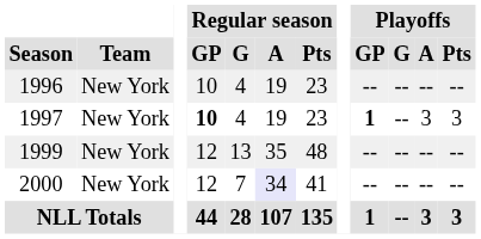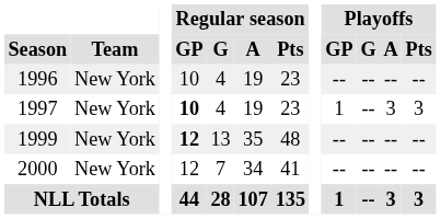 <table BORDER="0" CELLPADDING="3" CELLSPACING="0">
 <tr ALIGN="center" bgcolor="#e0e0e0">
 <th colspan="2" bgcolor="#ffffff"> </th>
 <th rowspan="99" bgcolor="#ffffff"> </th>
 <th colspan="4">Regular season</th>
 <th rowspan="99" bgcolor="#ffffff"> </th>
 <th colspan="4">Playoffs</th>
 </tr>
 <tr ALIGN="center" bgcolor="#e0e0e0">
 <th>Season</th>
 <th>Team</th>
 <th>GP</th>
 <th>G</th>
 <th>A</th>
 <th>Pts</th>
 <th>GP</th>
 <th>G</th>
 <th>A</th>
 <th>Pts</th>
 </tr>
 <tr ALIGN="center" bgcolor="#f0f0f0">
 <td>1996</td>
 <td>New York</td>
 <td>10</td>
 <td>4</td>
 <td>19</td>
 <td>23</td>
 <td>--</td>
 <td>--</td>
 <td>--</td>
 <td>--</td>
 </tr>
 <tr ALIGN="center">
 <td>1997</td>
 <td>New York</td>
 <td><strong>10</strong></td>
 <td>4</td>
 <td>19</td>
 <td>23</td>
-<td><strong>1</strong></td>
+<td>1</td>
 <td>--</td>
 <td>3</td>
 <td>3</td>
 </tr>
 <tr ALIGN="center" bgcolor="#f0f0f0">
 <td>1999</td>
 <td>New York</td>
-<td>12</td>
+<td><strong>12</strong></td>
 <td>13</td>
 <td>35</td>
 <td>48</td>
 <td>--</td>
 <td>--</td>
 <td>--</td>
 <td>--</td>
 </tr>
 <tr ALIGN="center">
 <td>2000</td>
 <td>New York</td>
 <td>12</td>
 <td>7</td>
-<td style="background: lavender;">34</td>
+<td>34</td>
 <td>41</td>
 <td>--</td>
 <td>--</td>
 <td>--</td>
 <td>--</td>
 </tr>
 <tr ALIGN="center" bgcolor="#e0e0e0">
 <th colspan="2">NLL Totals</th>
 <th>44</th>
 <th>28</th>
 <th>107</th>
 <th>135</th>
 <th>1</th>
 <th>--</th>
 <th>3</th>
 <th>3</th>
 </tr>
 </table>
